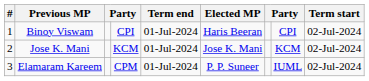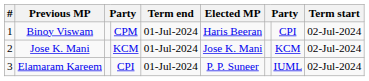 <table class="wikitable" style="text-align:center;">
 <tr>
 <th>#</th>
 <th>Previous MP</th>
 <th colspan="2">Party</th>
 <th>Term end</th>
 <th>Elected MP</th>
 <th colspan="2">Party</th>
 <th>Term start</th>
 </tr>
 <tr>
 <td>1</td>
 <td><a href='#'>Binoy Viswam</a></td>
 <td width="1px"></td>
-<td><a href='#'>CPI</a></td>
+<td><a href='#'>CPM</a></td>
 <td>01-Jul-2024</td>
 <td><a href='#'>Haris Beeran</a></td>
 <td width="1px"></td>
 <td><a href='#'>CPI</a></td>
 <td>02-Jul-2024</td>
 </tr>
 <tr>
 <td>2</td>
 <td><a href='#'>Jose K. Mani</a></td>
 <td width="1px"></td>
 <td><a href='#'>KCM</a></td>
 <td>01-Jul-2024</td>
 <td><a href='#'>Jose K. Mani</a></td>
 <td width="1px"></td>
 <td><a href='#'>KCM</a></td>
 <td>02-Jul-2024</td>
 </tr>
 <tr>
 <td>3</td>
 <td><a href='#'>Elamaram Kareem</a></td>
 <td width="1px"></td>
-<td><a href='#'>CPM</a></td>
+<td><a href='#'>CPI</a></td>
 <td>01-Jul-2024</td>
 <td><a href='#'>P. P. Suneer</a></td>
 <td width="1px"></td>
 <td><a href='#'>IUML</a></td>
 <td>02-Jul-2024</td>
 </tr>
 </table>
